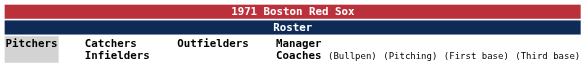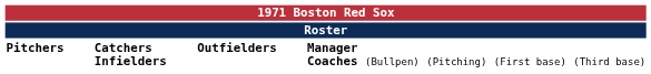 <table class="toccolours" style="text-align: left;">
 <tr>
 <th colspan="10" style="background-color: #ba313c; color: white; text-align: center;">1971 Boston Red Sox</th>
 </tr>
 <tr>
 <td colspan="10" style="background-color:#0d2b56; color: white; text-align: center;"><strong>Roster</strong></td>
 </tr>
 <tr>
-<td valign="top" style="background: lightgrey;"><strong>Pitchers</strong><br>              </td>
+<td valign="top"><strong>Pitchers</strong><br>              </td>
 <td width="25px"></td>
 <td valign="top"><strong>Catchers</strong><br>    <strong>Infielders</strong>         </td>
 <td width="25px"></td>
 <td valign="top"><strong>Outfielders</strong><br>       </td>
 <td width="25px"></td>
 <td valign="top"><strong>Manager</strong><br> <strong>Coaches</strong>  <small>(Bullpen)</small>  <small>(Pitching)</small>  <small>(First base)</small>  <small>(Third base)</small></td>
 </tr>
 <tr>
 </tr>
 </table>
